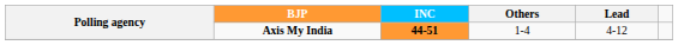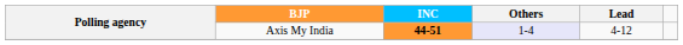 <table class="wikitable sortable" style="text-align:center; font-size:95%; line-height:16px; width:100%;">
 <tr>
 <th rowspan="2">Polling agency</th>
 <th style="background-color:#FF9933; color:#FFFFFF; width:25%;">BJP</th>
 <th style="background-color:#00BFFF; color:#FFFFFF;">INC</th>
 <th>Others</th>
 <th>Lead</th>
 </tr>
 <tr>
-<td><strong>Axis My India</strong></td>
+<td>Axis My India</td>
 <td style="background-color:#FF9933; color:#000000"><strong>44-51</strong></td>
-<td>1-4</td>
+<td style="background: lavender;">1-4</td>
 <td>4-12</td>
 <td></td>
 </tr>
 <tr>
 </tr>
 </table>
